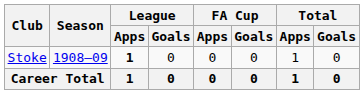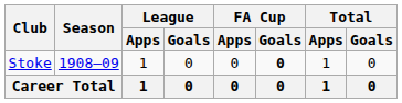 <table class="wikitable" style="text-align: center;">
 <tr>
 <th rowspan="2">Club</th>
 <th rowspan="2">Season</th>
 <th colspan="2">League</th>
 <th colspan="2">FA Cup</th>
 <th colspan="2">Total</th>
 </tr>
 <tr>
 <th>Apps</th>
 <th>Goals</th>
 <th>Apps</th>
 <th>Goals</th>
 <th>Apps</th>
 <th>Goals</th>
 </tr>
 <tr>
 <td><a href='#'>Stoke</a></td>
 <td><a href='#'>1908–09</a></td>
-<td><strong>1</strong></td>
+<td>1</td>
 <td>0</td>
 <td>0</td>
-<td>0</td>
+<td><strong>0</strong></td>
 <td>1</td>
 <td>0</td>
 </tr>
 <tr>
 <th colspan="2">Career Total</th>
 <th>1</th>
 <th>0</th>
 <th>0</th>
 <th>0</th>
 <th>1</th>
 <th>0</th>
 </tr>
 </table>
